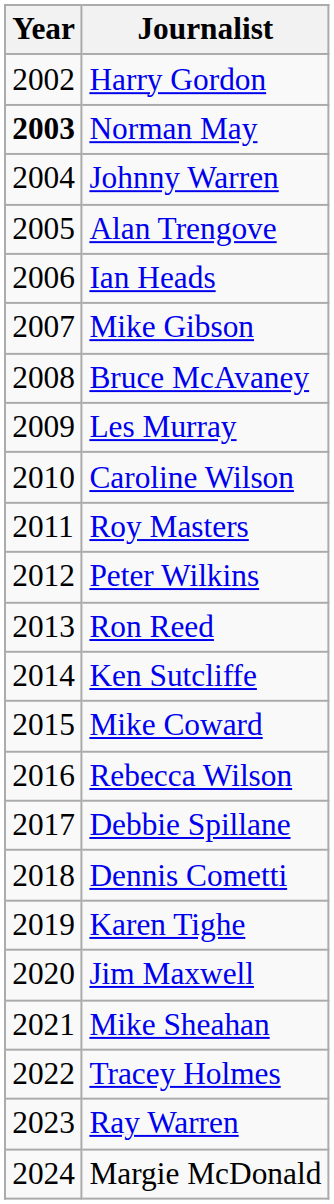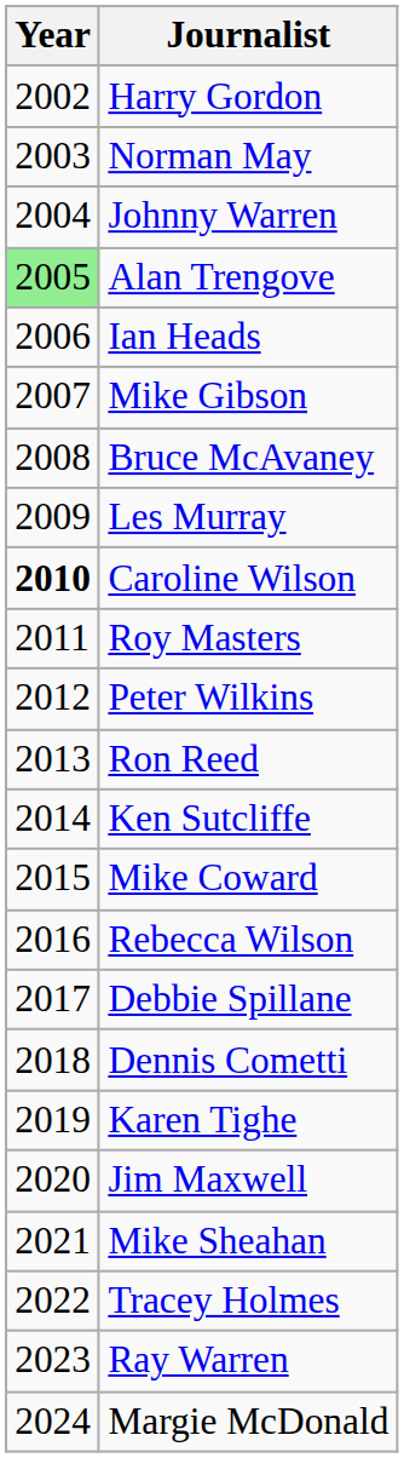 <table class="wikitable">
 <tr>
 <th>Year</th>
 <th>Journalist</th>
 </tr>
 <tr>
 <td>2002</td>
 <td><a href='#'>Harry Gordon</a></td>
 </tr>
 <tr>
-<td><strong>2003</strong></td>
+<td>2003</td>
 <td><a href='#'>Norman May</a></td>
 </tr>
 <tr>
 <td>2004</td>
 <td><a href='#'>Johnny Warren</a></td>
 </tr>
 <tr>
-<td>2005</td>
+<td style="background: lightgreen;">2005</td>
 <td><a href='#'>Alan Trengove</a></td>
 </tr>
 <tr>
 <td>2006</td>
 <td><a href='#'>Ian Heads</a></td>
 </tr>
 <tr>
 <td>2007</td>
 <td><a href='#'>Mike Gibson</a></td>
 </tr>
 <tr>
 <td>2008</td>
 <td><a href='#'>Bruce McAvaney</a></td>
 </tr>
 <tr>
 <td>2009</td>
 <td><a href='#'>Les Murray</a></td>
 </tr>
 <tr>
-<td>2010</td>
+<td><strong>2010</strong></td>
 <td><a href='#'>Caroline Wilson</a></td>
 </tr>
 <tr>
 <td>2011</td>
 <td><a href='#'>Roy Masters</a></td>
 </tr>
 <tr>
 <td>2012</td>
 <td><a href='#'>Peter Wilkins</a></td>
 </tr>
 <tr>
 <td>2013</td>
 <td><a href='#'>Ron Reed</a></td>
 </tr>
 <tr>
 <td>2014</td>
 <td><a href='#'>Ken Sutcliffe</a></td>
 </tr>
 <tr>
 <td>2015</td>
 <td><a href='#'>Mike Coward</a></td>
 </tr>
 <tr>
 <td>2016</td>
 <td><a href='#'>Rebecca Wilson</a></td>
 </tr>
 <tr>
 <td>2017</td>
 <td><a href='#'>Debbie Spillane</a></td>
 </tr>
 <tr>
 <td>2018</td>
 <td><a href='#'>Dennis Cometti</a></td>
 </tr>
 <tr>
 <td>2019</td>
 <td><a href='#'>Karen Tighe</a></td>
 </tr>
 <tr>
 <td>2020</td>
 <td><a href='#'>Jim Maxwell</a></td>
 </tr>
 <tr>
 <td>2021</td>
 <td><a href='#'>Mike Sheahan</a></td>
 </tr>
 <tr>
 <td>2022</td>
 <td><a href='#'>Tracey Holmes</a></td>
 </tr>
 <tr>
 <td>2023</td>
 <td><a href='#'>Ray Warren</a></td>
 </tr>
 <tr>
 <td>2024</td>
 <td>Margie McDonald</td>
 </tr>
 </table>
